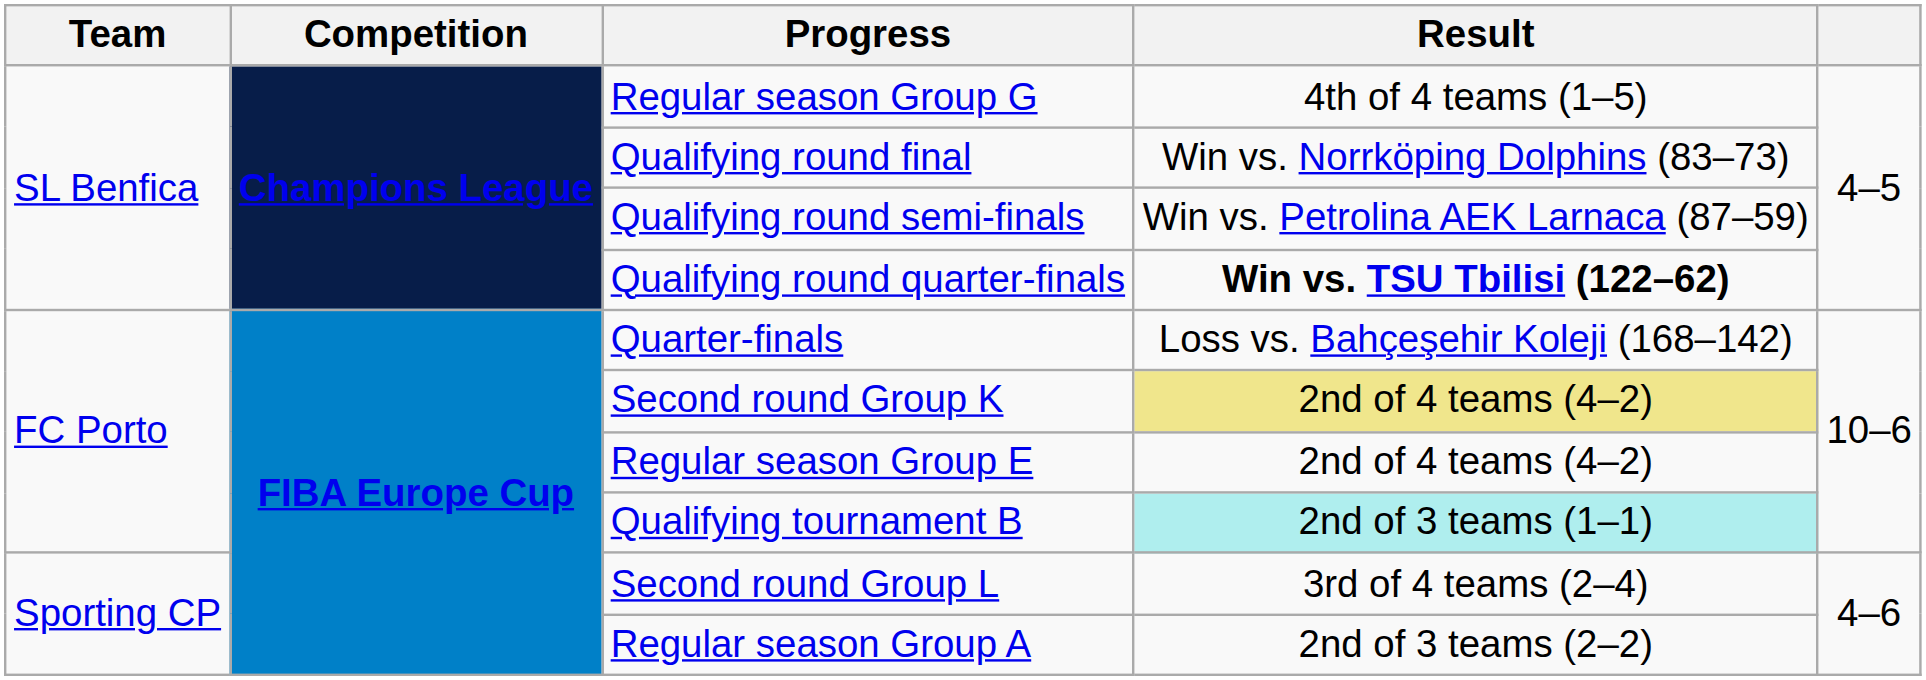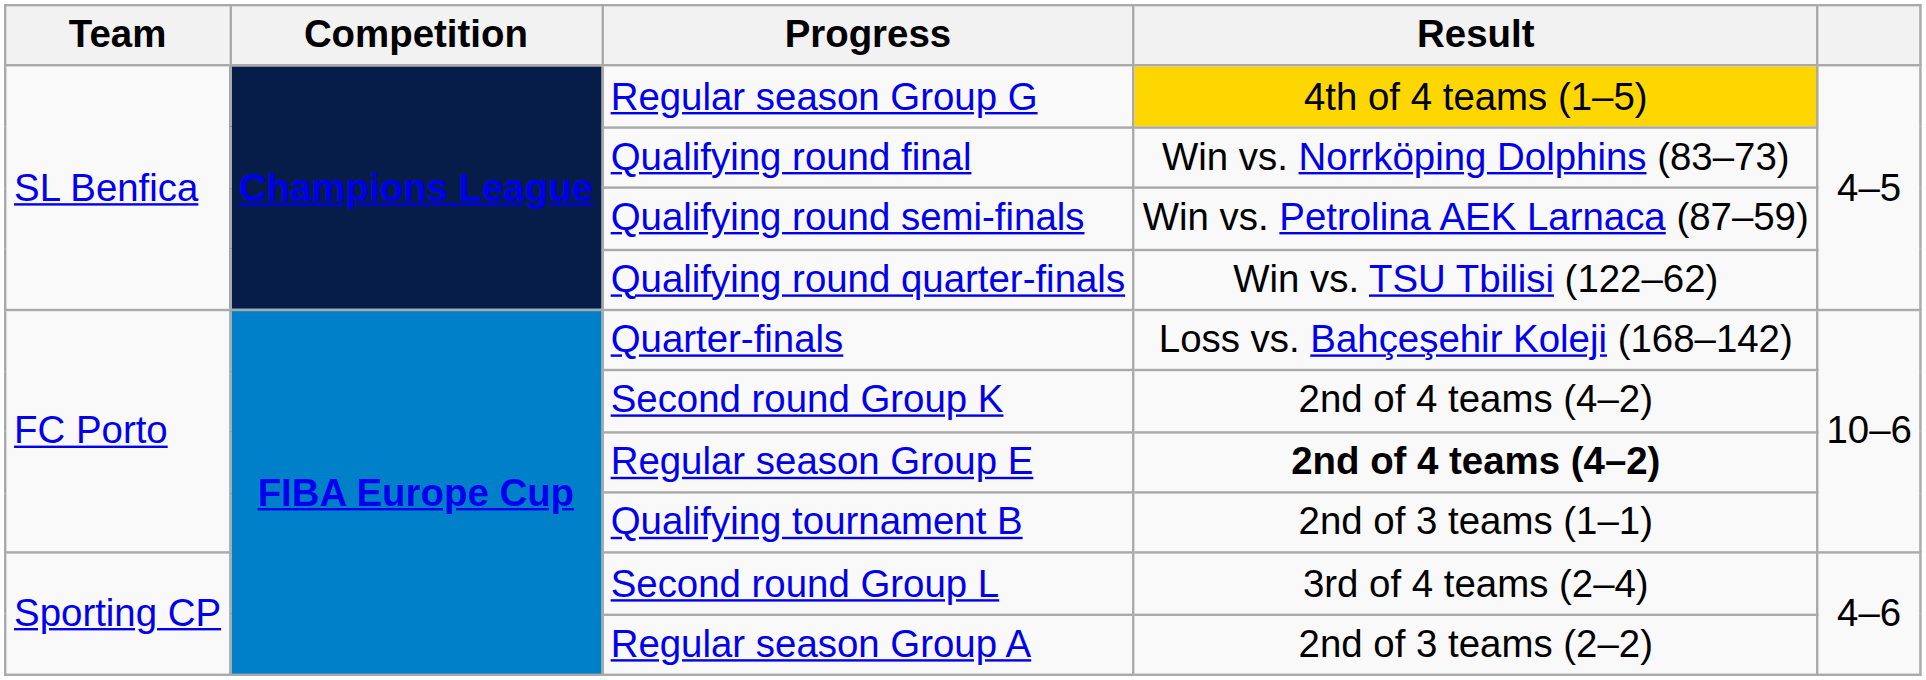 <table class="wikitable sortable">
 <tr>
 <th>Team</th>
 <th>Competition</th>
 <th>Progress</th>
 <th>Result</th>
 <th></th>
 </tr>
 <tr>
 <td rowspan="4"><a href='#'>SL Benfica</a></td>
 <td rowspan="4" style="background-color:#071D49;color:#D0D3D4;text-align:center"><strong><a href='#'><span>Champions League</span></a></strong></td>
 <td><a href='#'>Regular season Group G</a></td>
-<td style="text-align:center">4th of 4 teams (1–5)</td>
+<td style="background: gold; text-align:center">4th of 4 teams (1–5)</td>
 <td rowspan="4" style="text-align:center">4–5</td>
 </tr>
 <tr>
 <td><a href='#'>Qualifying round final</a></td>
 <td style="text-align:center">Win vs.  <a href='#'>Norrköping Dolphins</a> (83–73)</td>
 </tr>
 <tr>
 <td><a href='#'>Qualifying round semi-finals</a></td>
 <td style="text-align:center">Win vs.  <a href='#'>Petrolina AEK Larnaca</a> (87–59)</td>
 </tr>
 <tr>
 <td><a href='#'>Qualifying round quarter-finals</a></td>
-<td style="text-align:center"><strong>Win vs.  <a href='#'>TSU Tbilisi</a> (122–62)</strong></td>
+<td style="text-align:center">Win vs.  <a href='#'>TSU Tbilisi</a> (122–62)</td>
 </tr>
 <tr>
 <td rowspan="4"><a href='#'>FC Porto</a></td>
 <td rowspan="6" style="background-color:#0080C8;color:#FFFFFF;text-align:center"><strong><a href='#'><span>FIBA Europe Cup</span></a></strong></td>
 <td><a href='#'>Quarter-finals</a></td>
 <td style="text-align:center">Loss vs.  <a href='#'>Bahçeşehir Koleji</a> (168–142)</td>
 <td rowspan="4" style="text-align:center">10–6</td>
 </tr>
 <tr>
 <td><a href='#'>Second round Group K</a></td>
-<td style="background: khaki; text-align:center">2nd of 4 teams (4–2)</td>
+<td style="text-align:center">2nd of 4 teams (4–2)</td>
 </tr>
 <tr>
 <td><a href='#'>Regular season Group E</a></td>
-<td style="text-align:center">2nd of 4 teams (4–2)</td>
+<td style="text-align:center"><strong>2nd of 4 teams (4–2)</strong></td>
 </tr>
 <tr>
 <td><a href='#'>Qualifying tournament B</a></td>
-<td style="background: paleturquoise; text-align:center">2nd of 3 teams (1–1)</td>
+<td style="text-align:center">2nd of 3 teams (1–1)</td>
 </tr>
 <tr>
 <td rowspan="2"><a href='#'>Sporting CP</a></td>
 <td><a href='#'>Second round Group L</a></td>
 <td style="text-align:center">3rd of 4 teams (2–4)</td>
 <td rowspan="2" style="text-align:center">4–6</td>
 </tr>
 <tr>
 <td><a href='#'>Regular season Group A</a></td>
 <td style="text-align:center">2nd of 3 teams (2–2)</td>
 </tr>
 </table>
